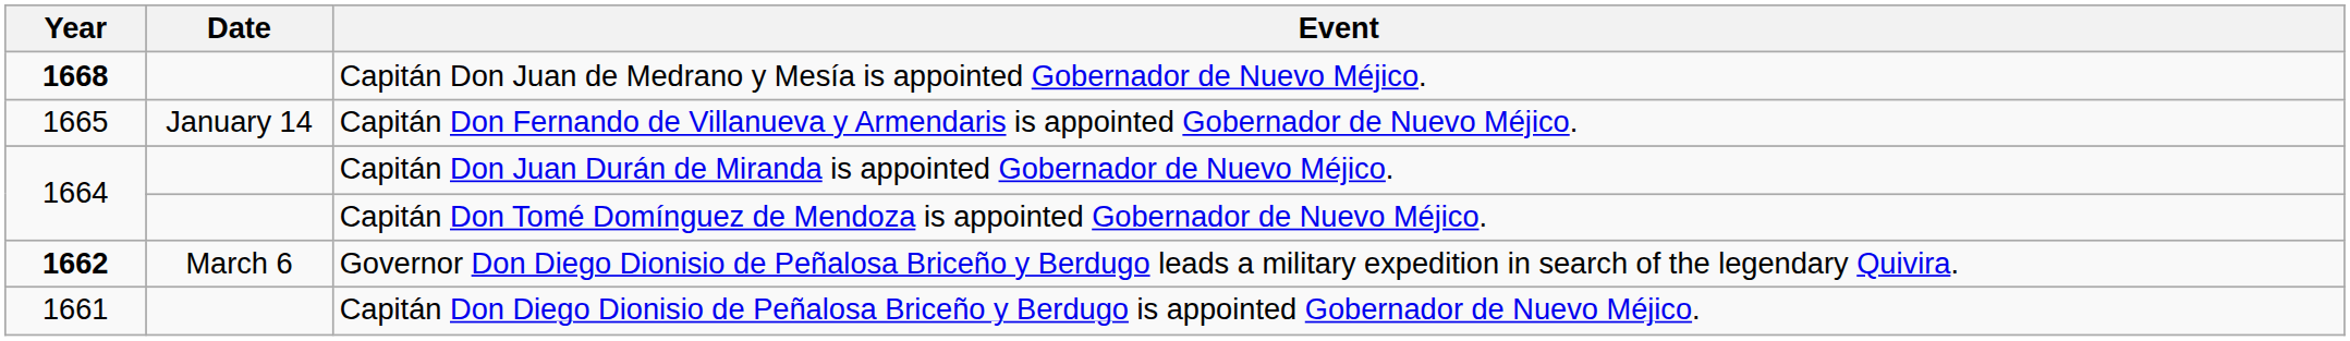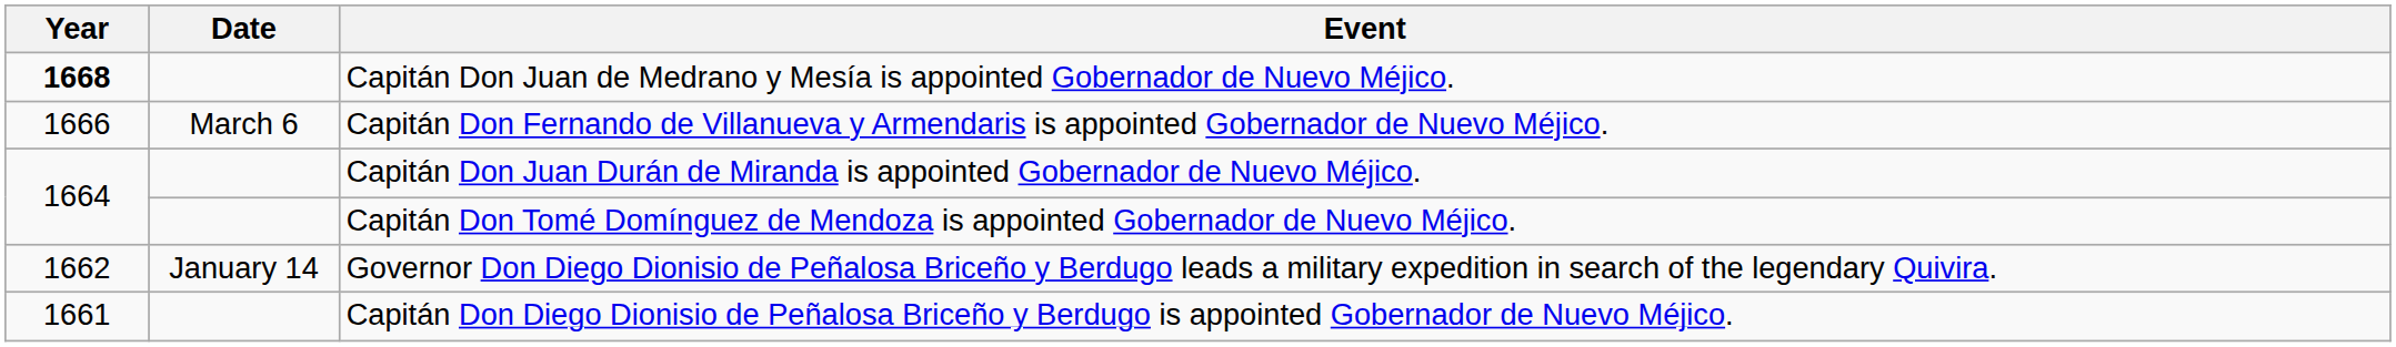 <table class="wikitable" style="width:100%;">
 <tr>
 <th style="width:6%">Year</th>
 <th style="width:8%">Date</th>
 <th style="width:86%">Event</th>
 </tr>
 <tr>
 <td align=center><strong>1668</strong></td>
 <td align=center> </td>
 <td>Capitán Don Juan de Medrano y Mesía is appointed <a href='#'>Gobernador de Nuevo Méjico</a>.</td>
 </tr>
 <tr>
-<td align=center>1665</td>
-<td align=center>January 14</td>
+<td align=center>1666</td>
+<td align=center>March 6</td>
 <td>Capitán <a href='#'>Don Fernando de Villanueva y Armendaris</a> is appointed <a href='#'>Gobernador de Nuevo Méjico</a>.</td>
 </tr>
 <tr>
 <td align=center rowspan=2>1664</td>
 <td align=center> </td>
 <td>Capitán <a href='#'>Don Juan Durán de Miranda</a> is appointed <a href='#'>Gobernador de Nuevo Méjico</a>.</td>
 </tr>
 <tr>
 <td align=center> </td>
 <td>Capitán <a href='#'>Don Tomé Domínguez de Mendoza</a> is appointed <a href='#'>Gobernador de Nuevo Méjico</a>.</td>
 </tr>
 <tr>
-<td align=center><strong>1662</strong></td>
-<td align=center>March 6</td>
+<td align=center>1662</td>
+<td align=center>January 14</td>
 <td>Governor <a href='#'>Don Diego Dionisio de Peñalosa Briceño y Berdugo</a> leads a military expedition in search of the legendary <a href='#'>Quivira</a>.</td>
 </tr>
 <tr>
 <td align=center>1661</td>
 <td align=center> </td>
 <td>Capitán <a href='#'>Don Diego Dionisio de Peñalosa Briceño y Berdugo</a> is appointed <a href='#'>Gobernador de Nuevo Méjico</a>.</td>
 </tr>
 </table>
